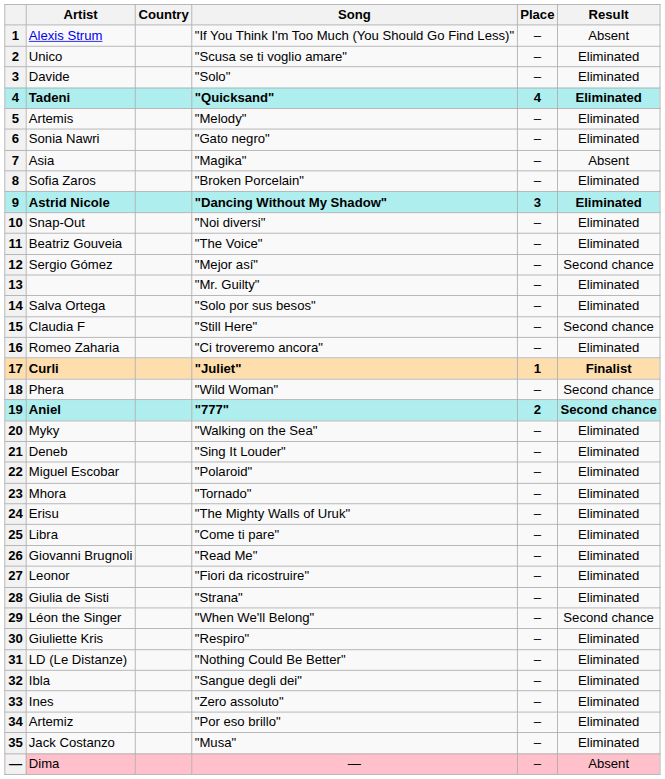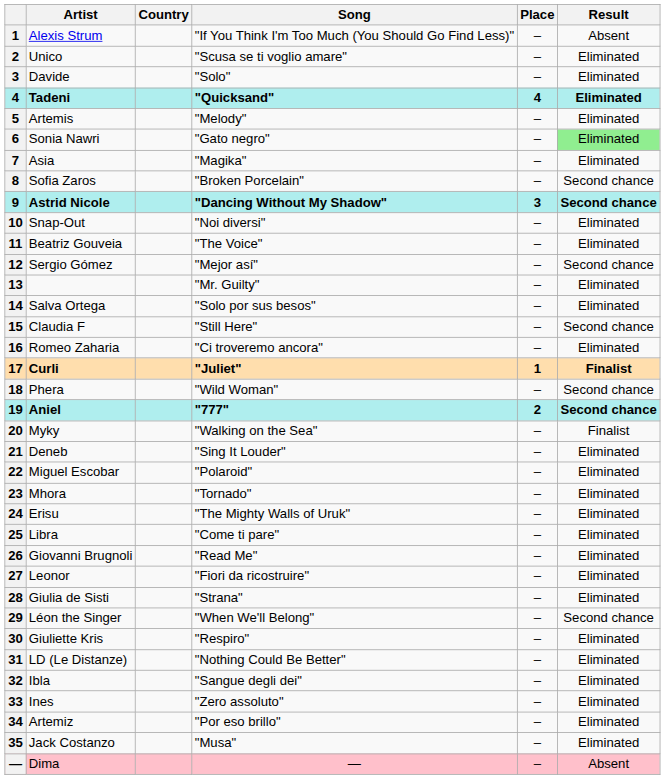 <table class="sortable wikitable plainrowheaders" style="margin: 1em auto 1em auto; text-align:center;">
 <tr>
 <th></th>
 <th>Artist</th>
 <th>Country</th>
 <th>Song</th>
 <th>Place</th>
 <th>Result</th>
 </tr>
 <tr>
 <th scope="row" style="text-align:center;">1</th>
 <td align="left"><a href='#'>Alexis Strum</a></td>
 <td align="left"></td>
 <td align="left">"If You Think I'm Too Much (You Should Go Find Less)"</td>
 <td data-sort-value="5">–</td>
 <td data-sort-value="6">Absent</td>
 </tr>
 <tr>
 <th scope="row" style="text-align:center;">2</th>
 <td align="left">Unico</td>
 <td align="left"></td>
 <td align="left">"Scusa se ti voglio amare"</td>
 <td data-sort-value="5">–</td>
 <td data-sort-value="5">Eliminated</td>
 </tr>
 <tr>
 <th scope="row" style="text-align:center;">3</th>
 <td align="left">Davide</td>
 <td align="left"></td>
 <td align="left">"Solo"</td>
 <td data-sort-value="5">–</td>
 <td data-sort-value="5">Eliminated</td>
 </tr>
 <tr style="font-weight:bold; background:paleturquoise;">
 <th scope="row" style="text-align:center; font-weight:bold; background:paleturquoise;">4</th>
 <td align="left">Tadeni</td>
 <td align="left"></td>
 <td align="left">"Quicksand"</td>
 <td>4</td>
 <td data-sort-value="5">Eliminated</td>
 </tr>
 <tr>
 <th scope="row" style="text-align:center;">5</th>
 <td align="left">Artemis</td>
 <td align="left"></td>
 <td align="left">"Melody"</td>
 <td data-sort-value="5">–</td>
 <td data-sort-value="5">Eliminated</td>
 </tr>
 <tr>
 <th scope="row" style="text-align:center;">6</th>
 <td align="left">Sonia Nawri</td>
 <td align="left"></td>
 <td align="left">"Gato negro"</td>
 <td data-sort-value="5">–</td>
-<td data-sort-value="5">Eliminated</td>
+<td data-sort-value="5" style="background: lightgreen;">Eliminated</td>
 </tr>
 <tr>
 <th scope="row" style="text-align:center;">7</th>
 <td align="left">Asia</td>
 <td align="left"></td>
 <td align="left">"Magika"</td>
 <td data-sort-value="5">–</td>
-<td data-sort-value="6">Absent</td>
+<td data-sort-value="5">Eliminated</td>
 </tr>
 <tr>
 <th scope="row" style="text-align:center;">8</th>
 <td align="left">Sofia Zaros</td>
 <td align="left"></td>
 <td align="left">"Broken Porcelain"</td>
 <td data-sort-value="5">–</td>
-<td data-sort-value="5">Eliminated</td>
+<td data-sort-value="4">Second chance</td>
 </tr>
 <tr style="font-weight:bold; background:paleturquoise;">
 <th scope="row" style="text-align:center; font-weight:bold; background:paleturquoise;">9</th>
 <td align="left">Astrid Nicole</td>
 <td align="left"></td>
 <td align="left">"Dancing Without My Shadow"</td>
 <td>3</td>
-<td data-sort-value="5">Eliminated</td>
+<td data-sort-value="3">Second chance</td>
 </tr>
 <tr>
 <th scope="row" style="text-align:center;">10</th>
 <td align="left">Snap-Out</td>
 <td align="left"></td>
 <td align="left">"Noi diversi"</td>
 <td data-sort-value="5">–</td>
 <td data-sort-value="5">Eliminated</td>
 </tr>
 <tr>
 <th scope="row" style="text-align:center;">11</th>
 <td align="left">Beatriz Gouveia</td>
 <td align="left"></td>
 <td align="left">"The Voice"</td>
 <td data-sort-value="5">–</td>
 <td data-sort-value="5">Eliminated</td>
 </tr>
 <tr>
 <th scope="row" style="text-align:center;">12</th>
 <td align="left">Sergio Gómez</td>
 <td align="left"></td>
 <td align="left">"Mejor así"</td>
 <td data-sort-value="5">–</td>
 <td data-sort-value="4">Second chance</td>
 </tr>
 <tr>
 <th scope="row" style="text-align:center;">13</th>
 <td align="left"></td>
 <td align="left"></td>
 <td align="left">"Mr. Guilty"</td>
 <td data-sort-value="5">–</td>
 <td data-sort-value="5">Eliminated</td>
 </tr>
 <tr>
 <th scope="row" style="text-align:center;">14</th>
 <td align="left">Salva Ortega</td>
 <td align="left"></td>
 <td align="left">"Solo por sus besos"</td>
 <td data-sort-value="5">–</td>
 <td data-sort-value="5">Eliminated</td>
 </tr>
 <tr>
 <th scope="row" style="text-align:center;">15</th>
 <td align="left">Claudia F</td>
 <td align="left"></td>
 <td align="left">"Still Here"</td>
 <td data-sort-value="5">–</td>
 <td data-sort-value="2">Second chance</td>
 </tr>
 <tr>
 <th scope="row" style="text-align:center;">16</th>
 <td align="left">Romeo Zaharia</td>
 <td align="left"></td>
 <td align="left">"Ci troveremo ancora"</td>
 <td data-sort-value="5">–</td>
 <td data-sort-value="5">Eliminated</td>
 </tr>
 <tr style="font-weight:bold; background:navajowhite;">
 <th scope="row" style="text-align:center; font-weight:bold; background:navajowhite;">17</th>
 <td align="left">Curli</td>
 <td align="left"></td>
 <td align="left">"Juliet"</td>
 <td>1</td>
 <td data-sort-value="1">Finalist</td>
 </tr>
 <tr>
 <th scope="row" style="text-align:center;">18</th>
 <td align="left">Phera</td>
 <td align="left"></td>
 <td align="left">"Wild Woman"</td>
 <td data-sort-value="5">–</td>
 <td data-sort-value="4">Second chance</td>
 </tr>
 <tr style="font-weight:bold; background:paleturquoise;">
 <th scope="row" style="text-align:center; font-weight:bold; background:paleturquoise;">19</th>
 <td align="left">Aniel</td>
 <td align="left"></td>
 <td align="left">"777"</td>
 <td>2</td>
 <td data-sort-value="2">Second chance</td>
 </tr>
 <tr>
 <th scope="row" style="text-align:center;">20</th>
 <td align="left">Myky</td>
 <td align="left"></td>
 <td align="left">"Walking on the Sea"</td>
 <td data-sort-value="5">–</td>
-<td data-sort-value="5">Eliminated</td>
+<td data-sort-value="1">Finalist</td>
 </tr>
 <tr>
 <th scope="row" style="text-align:center;">21</th>
 <td align="left">Deneb</td>
 <td align="left"></td>
 <td align="left">"Sing It Louder"</td>
 <td data-sort-value="5">–</td>
 <td data-sort-value="5">Eliminated</td>
 </tr>
 <tr>
 <th scope="row" style="text-align:center;">22</th>
 <td align="left">Miguel Escobar</td>
 <td align="left"></td>
 <td align="left">"Polaroid"</td>
 <td data-sort-value="5">–</td>
 <td data-sort-value="5">Eliminated</td>
 </tr>
 <tr>
 <th scope="row" style="text-align:center;">23</th>
 <td align="left">Mhora</td>
 <td align="left"></td>
 <td align="left">"Tornado"</td>
 <td data-sort-value="5">–</td>
 <td data-sort-value="5">Eliminated</td>
 </tr>
 <tr>
 <th scope="row" style="text-align:center;">24</th>
 <td align="left">Erisu</td>
 <td align="left"></td>
 <td align="left">"The Mighty Walls of Uruk"</td>
 <td data-sort-value="5">–</td>
 <td data-sort-value="5">Eliminated</td>
 </tr>
 <tr>
 <th scope="row" style="text-align:center;">25</th>
 <td align="left">Libra</td>
 <td align="left"></td>
 <td align="left">"Come ti pare"</td>
 <td data-sort-value="5">–</td>
 <td data-sort-value="5">Eliminated</td>
 </tr>
 <tr>
 <th scope="row" style="text-align:center;">26</th>
 <td align="left">Giovanni Brugnoli</td>
 <td align="left"></td>
 <td align="left">"Read Me"</td>
 <td data-sort-value="5">–</td>
 <td data-sort-value="5">Eliminated</td>
 </tr>
 <tr>
 <th scope="row" style="text-align:center;">27</th>
 <td align="left">Leonor</td>
 <td align="left"></td>
 <td align="left">"Fiori da ricostruire"</td>
 <td data-sort-value="5">–</td>
 <td data-sort-value="5">Eliminated</td>
 </tr>
 <tr>
 <th scope="row" style="text-align:center;">28</th>
 <td align="left">Giulia de Sisti</td>
 <td align="left"></td>
 <td align="left">"Strana"</td>
 <td data-sort-value="5">–</td>
 <td data-sort-value="5">Eliminated</td>
 </tr>
 <tr>
 <th scope="row" style="text-align:center;">29</th>
 <td align="left">Léon the Singer</td>
 <td align="left"></td>
 <td align="left">"When We'll Belong"</td>
 <td data-sort-value="5">–</td>
 <td data-sort-value="2">Second chance</td>
 </tr>
 <tr>
 <th scope="row" style="text-align:center;">30</th>
 <td align="left">Giuliette Kris</td>
 <td align="left"></td>
 <td align="left">"Respiro"</td>
 <td data-sort-value="5">–</td>
 <td data-sort-value="5">Eliminated</td>
 </tr>
 <tr>
 <th scope="row" style="text-align:center;">31</th>
 <td align="left">LD (Le Distanze)</td>
 <td align="left"></td>
 <td align="left">"Nothing Could Be Better"</td>
 <td data-sort-value="5">–</td>
 <td data-sort-value="5">Eliminated</td>
 </tr>
 <tr>
 <th scope="row" style="text-align:center;">32</th>
 <td align="left">Ibla</td>
 <td align="left"></td>
 <td align="left">"Sangue degli dei"</td>
 <td data-sort-value="5">–</td>
 <td data-sort-value="5">Eliminated</td>
 </tr>
 <tr>
 <th scope="row" style="text-align:center;">33</th>
 <td align="left">Ines</td>
 <td align="left"></td>
 <td align="left">"Zero assoluto"</td>
 <td data-sort-value="5">–</td>
 <td data-sort-value="5">Eliminated</td>
 </tr>
 <tr>
 <th scope="row" style="text-align:center;">34</th>
 <td align="left">Artemiz</td>
 <td align="left"></td>
 <td align="left">"Por eso brillo"</td>
 <td data-sort-value="5">–</td>
 <td data-sort-value="5">Eliminated</td>
 </tr>
 <tr>
 <th scope="row" style="text-align:center;">35</th>
 <td align="left">Jack Costanzo</td>
 <td align="left"></td>
 <td align="left">"Musa"</td>
 <td data-sort-value="5">–</td>
 <td data-sort-value="5">Eliminated</td>
 </tr>
 <tr class=sortbottom style="background:pink;">
 <th scope="row" style="text-align:center;">—</th>
 <td align="left">Dima</td>
 <td align="left"></td>
 <td>—</td>
 <td data-sort-value="5">–</td>
 <td data-sort-value="6">Absent</td>
 </tr>
 </table>
